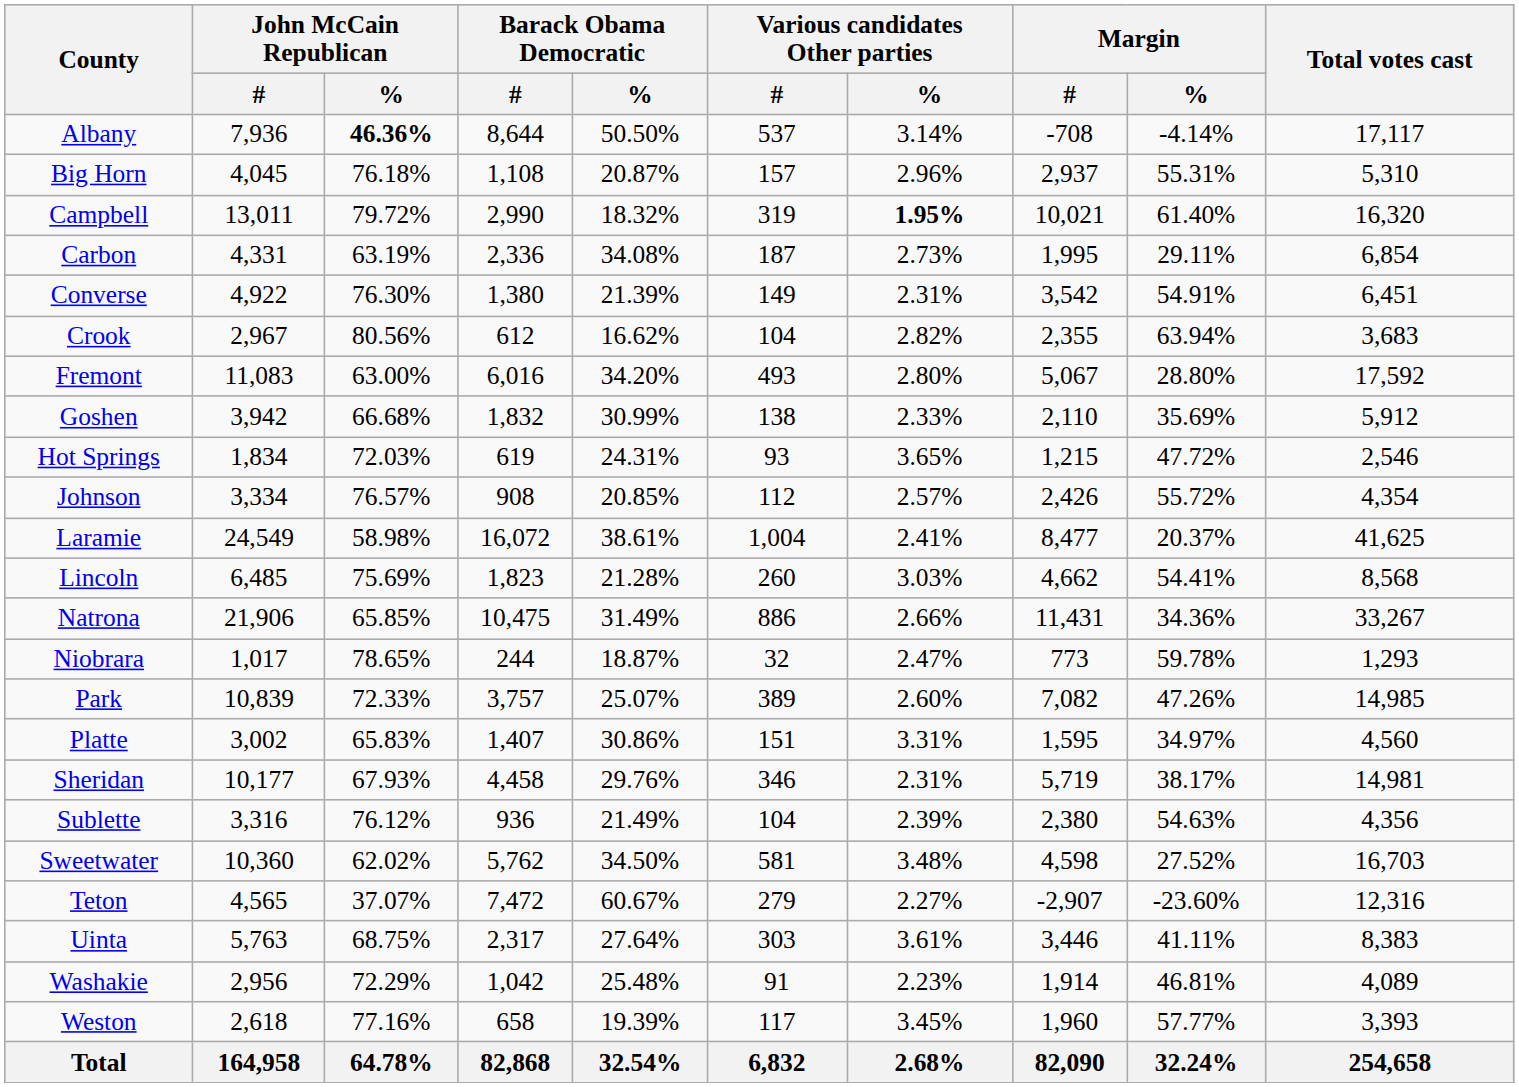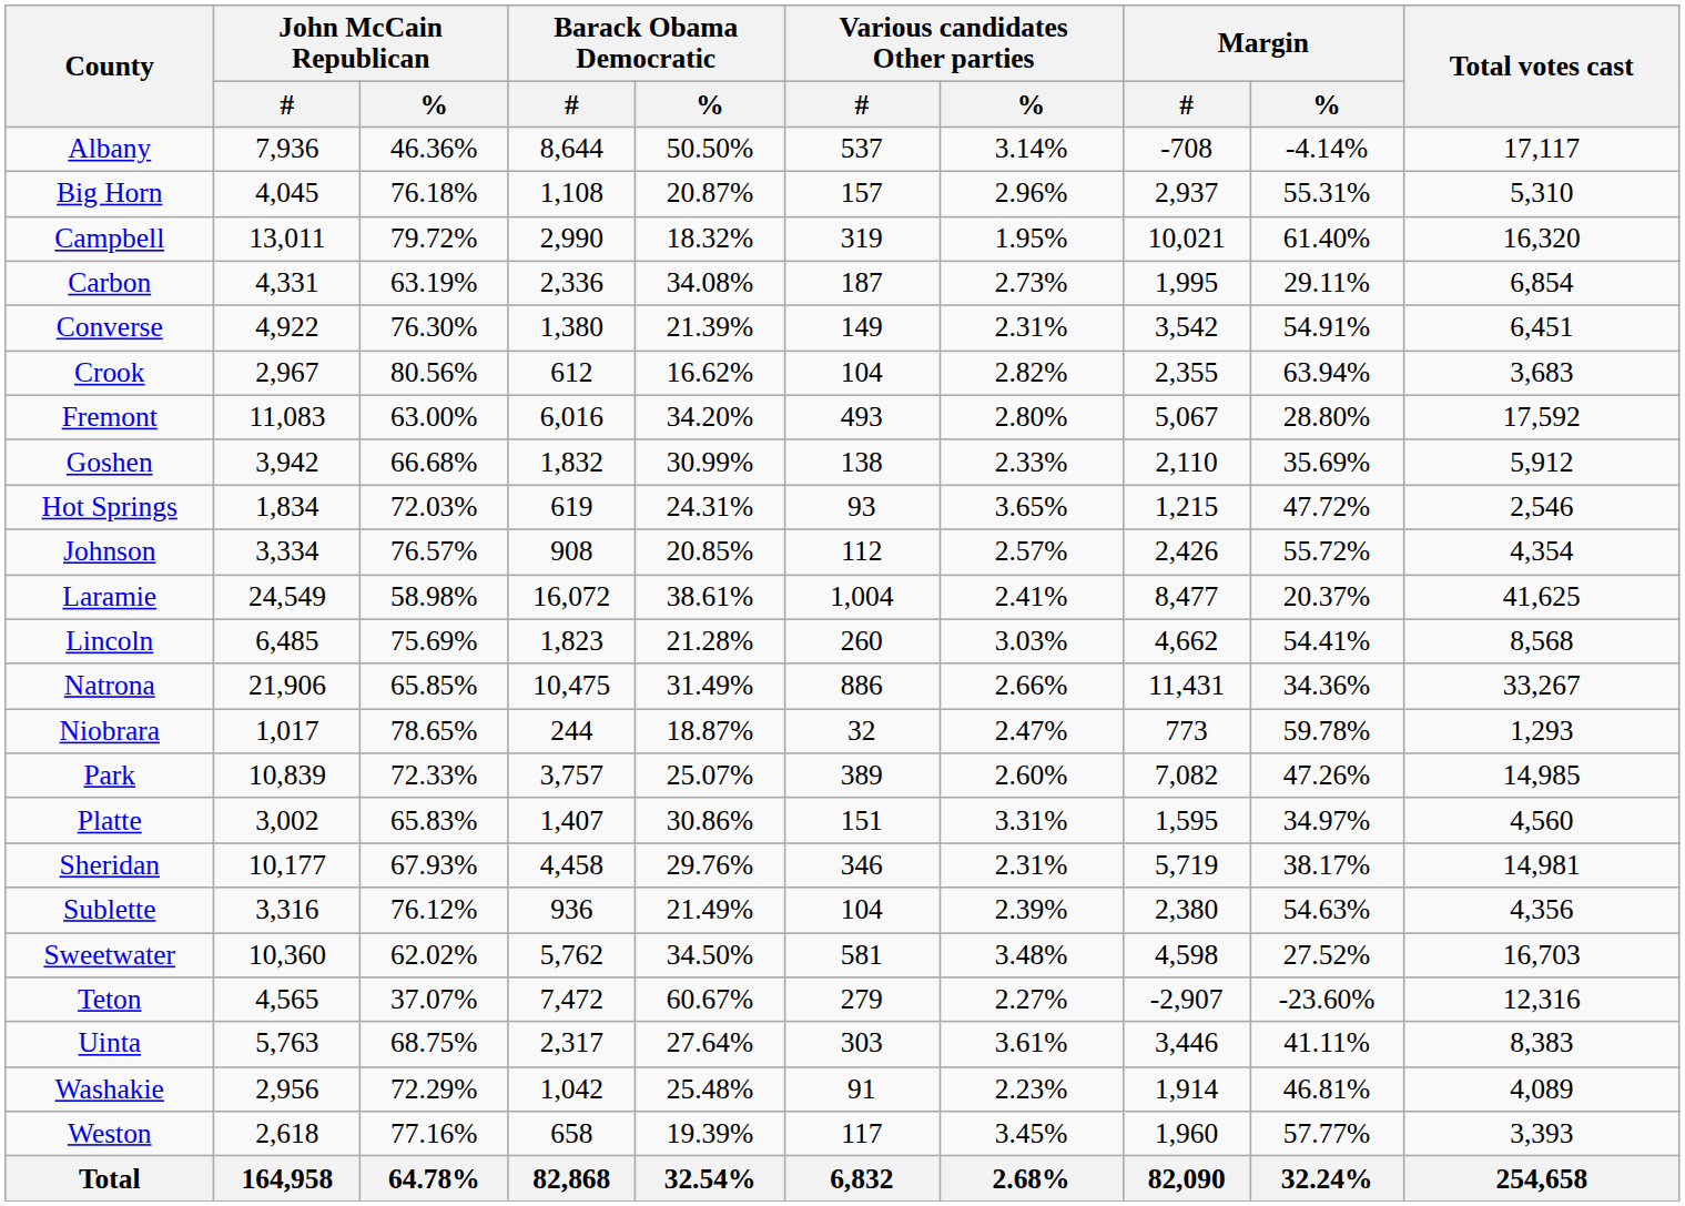 <table width="60%" class="wikitable sortable" style="text-align:center">
 <tr>
 <th style="text-align:center;" rowspan="2">County</th>
 <th style="text-align:center;" colspan="2">John McCain<br>Republican</th>
 <th style="text-align:center;" colspan="2">Barack Obama<br>Democratic</th>
 <th style="text-align:center;" colspan="2">Various candidates<br>Other parties</th>
 <th style="text-align:center;" colspan="2">Margin</th>
 <th style="text-align:center;" rowspan="2" style="text-align:center;">Total votes cast</th>
 </tr>
 <tr>
 <th style="text-align:center;" data-sort-type="number">#</th>
 <th style="text-align:center;" data-sort-type="number">%</th>
 <th style="text-align:center;" data-sort-type="number">#</th>
 <th style="text-align:center;" data-sort-type="number">%</th>
 <th style="text-align:center;" data-sort-type="number">#</th>
 <th style="text-align:center;" data-sort-type="number">%</th>
 <th style="text-align:center;" data-sort-type="number">#</th>
 <th style="text-align:center;" data-sort-type="number">%</th>
 </tr>
 <tr style="text-align:center;">
 <td><a href='#'>Albany</a></td>
 <td>7,936</td>
-<td><strong>46.36%</strong></td>
+<td>46.36%</td>
 <td>8,644</td>
 <td>50.50%</td>
 <td>537</td>
 <td>3.14%</td>
 <td>-708</td>
 <td>-4.14%</td>
 <td>17,117</td>
 </tr>
 <tr style="text-align:center;">
 <td><a href='#'>Big Horn</a></td>
 <td>4,045</td>
 <td>76.18%</td>
 <td>1,108</td>
 <td>20.87%</td>
 <td>157</td>
 <td>2.96%</td>
 <td>2,937</td>
 <td>55.31%</td>
 <td>5,310</td>
 </tr>
 <tr style="text-align:center;">
 <td><a href='#'>Campbell</a></td>
 <td>13,011</td>
 <td>79.72%</td>
 <td>2,990</td>
 <td>18.32%</td>
 <td>319</td>
-<td><strong>1.95%</strong></td>
+<td>1.95%</td>
 <td>10,021</td>
 <td>61.40%</td>
 <td>16,320</td>
 </tr>
 <tr style="text-align:center;">
 <td><a href='#'>Carbon</a></td>
 <td>4,331</td>
 <td>63.19%</td>
 <td>2,336</td>
 <td>34.08%</td>
 <td>187</td>
 <td>2.73%</td>
 <td>1,995</td>
 <td>29.11%</td>
 <td>6,854</td>
 </tr>
 <tr style="text-align:center;">
 <td><a href='#'>Converse</a></td>
 <td>4,922</td>
 <td>76.30%</td>
 <td>1,380</td>
 <td>21.39%</td>
 <td>149</td>
 <td>2.31%</td>
 <td>3,542</td>
 <td>54.91%</td>
 <td>6,451</td>
 </tr>
 <tr style="text-align:center;">
 <td><a href='#'>Crook</a></td>
 <td>2,967</td>
 <td>80.56%</td>
 <td>612</td>
 <td>16.62%</td>
 <td>104</td>
 <td>2.82%</td>
 <td>2,355</td>
 <td>63.94%</td>
 <td>3,683</td>
 </tr>
 <tr style="text-align:center;">
 <td><a href='#'>Fremont</a></td>
 <td>11,083</td>
 <td>63.00%</td>
 <td>6,016</td>
 <td>34.20%</td>
 <td>493</td>
 <td>2.80%</td>
 <td>5,067</td>
 <td>28.80%</td>
 <td>17,592</td>
 </tr>
 <tr style="text-align:center;">
 <td><a href='#'>Goshen</a></td>
 <td>3,942</td>
 <td>66.68%</td>
 <td>1,832</td>
 <td>30.99%</td>
 <td>138</td>
 <td>2.33%</td>
 <td>2,110</td>
 <td>35.69%</td>
 <td>5,912</td>
 </tr>
 <tr style="text-align:center;">
 <td><a href='#'>Hot Springs</a></td>
 <td>1,834</td>
 <td>72.03%</td>
 <td>619</td>
 <td>24.31%</td>
 <td>93</td>
 <td>3.65%</td>
 <td>1,215</td>
 <td>47.72%</td>
 <td>2,546</td>
 </tr>
 <tr style="text-align:center;">
 <td><a href='#'>Johnson</a></td>
 <td>3,334</td>
 <td>76.57%</td>
 <td>908</td>
 <td>20.85%</td>
 <td>112</td>
 <td>2.57%</td>
 <td>2,426</td>
 <td>55.72%</td>
 <td>4,354</td>
 </tr>
 <tr style="text-align:center;">
 <td><a href='#'>Laramie</a></td>
 <td>24,549</td>
 <td>58.98%</td>
 <td>16,072</td>
 <td>38.61%</td>
 <td>1,004</td>
 <td>2.41%</td>
 <td>8,477</td>
 <td>20.37%</td>
 <td>41,625</td>
 </tr>
 <tr style="text-align:center;">
 <td><a href='#'>Lincoln</a></td>
 <td>6,485</td>
 <td>75.69%</td>
 <td>1,823</td>
 <td>21.28%</td>
 <td>260</td>
 <td>3.03%</td>
 <td>4,662</td>
 <td>54.41%</td>
 <td>8,568</td>
 </tr>
 <tr style="text-align:center;">
 <td><a href='#'>Natrona</a></td>
 <td>21,906</td>
 <td>65.85%</td>
 <td>10,475</td>
 <td>31.49%</td>
 <td>886</td>
 <td>2.66%</td>
 <td>11,431</td>
 <td>34.36%</td>
 <td>33,267</td>
 </tr>
 <tr style="text-align:center;">
 <td><a href='#'>Niobrara</a></td>
 <td>1,017</td>
 <td>78.65%</td>
 <td>244</td>
 <td>18.87%</td>
 <td>32</td>
 <td>2.47%</td>
 <td>773</td>
 <td>59.78%</td>
 <td>1,293</td>
 </tr>
 <tr style="text-align:center;">
 <td><a href='#'>Park</a></td>
 <td>10,839</td>
 <td>72.33%</td>
 <td>3,757</td>
 <td>25.07%</td>
 <td>389</td>
 <td>2.60%</td>
 <td>7,082</td>
 <td>47.26%</td>
 <td>14,985</td>
 </tr>
 <tr style="text-align:center;">
 <td><a href='#'>Platte</a></td>
 <td>3,002</td>
 <td>65.83%</td>
 <td>1,407</td>
 <td>30.86%</td>
 <td>151</td>
 <td>3.31%</td>
 <td>1,595</td>
 <td>34.97%</td>
 <td>4,560</td>
 </tr>
 <tr style="text-align:center;">
 <td><a href='#'>Sheridan</a></td>
 <td>10,177</td>
 <td>67.93%</td>
 <td>4,458</td>
 <td>29.76%</td>
 <td>346</td>
 <td>2.31%</td>
 <td>5,719</td>
 <td>38.17%</td>
 <td>14,981</td>
 </tr>
 <tr style="text-align:center;">
 <td><a href='#'>Sublette</a></td>
 <td>3,316</td>
 <td>76.12%</td>
 <td>936</td>
 <td>21.49%</td>
 <td>104</td>
 <td>2.39%</td>
 <td>2,380</td>
 <td>54.63%</td>
 <td>4,356</td>
 </tr>
 <tr style="text-align:center;">
 <td><a href='#'>Sweetwater</a></td>
 <td>10,360</td>
 <td>62.02%</td>
 <td>5,762</td>
 <td>34.50%</td>
 <td>581</td>
 <td>3.48%</td>
 <td>4,598</td>
 <td>27.52%</td>
 <td>16,703</td>
 </tr>
 <tr style="text-align:center;">
 <td><a href='#'>Teton</a></td>
 <td>4,565</td>
 <td>37.07%</td>
 <td>7,472</td>
 <td>60.67%</td>
 <td>279</td>
 <td>2.27%</td>
 <td>-2,907</td>
 <td>-23.60%</td>
 <td>12,316</td>
 </tr>
 <tr style="text-align:center;">
 <td><a href='#'>Uinta</a></td>
 <td>5,763</td>
 <td>68.75%</td>
 <td>2,317</td>
 <td>27.64%</td>
 <td>303</td>
 <td>3.61%</td>
 <td>3,446</td>
 <td>41.11%</td>
 <td>8,383</td>
 </tr>
 <tr style="text-align:center;">
 <td><a href='#'>Washakie</a></td>
 <td>2,956</td>
 <td>72.29%</td>
 <td>1,042</td>
 <td>25.48%</td>
 <td>91</td>
 <td>2.23%</td>
 <td>1,914</td>
 <td>46.81%</td>
 <td>4,089</td>
 </tr>
 <tr style="text-align:center;">
 <td><a href='#'>Weston</a></td>
 <td>2,618</td>
 <td>77.16%</td>
 <td>658</td>
 <td>19.39%</td>
 <td>117</td>
 <td>3.45%</td>
 <td>1,960</td>
 <td>57.77%</td>
 <td>3,393</td>
 </tr>
 <tr style="text-align:center;">
 <th>Total</th>
 <th>164,958</th>
 <th>64.78%</th>
 <th>82,868</th>
 <th>32.54%</th>
 <th>6,832</th>
 <th>2.68%</th>
 <th>82,090</th>
 <th>32.24%</th>
 <th>254,658</th>
 </tr>
 </table>
